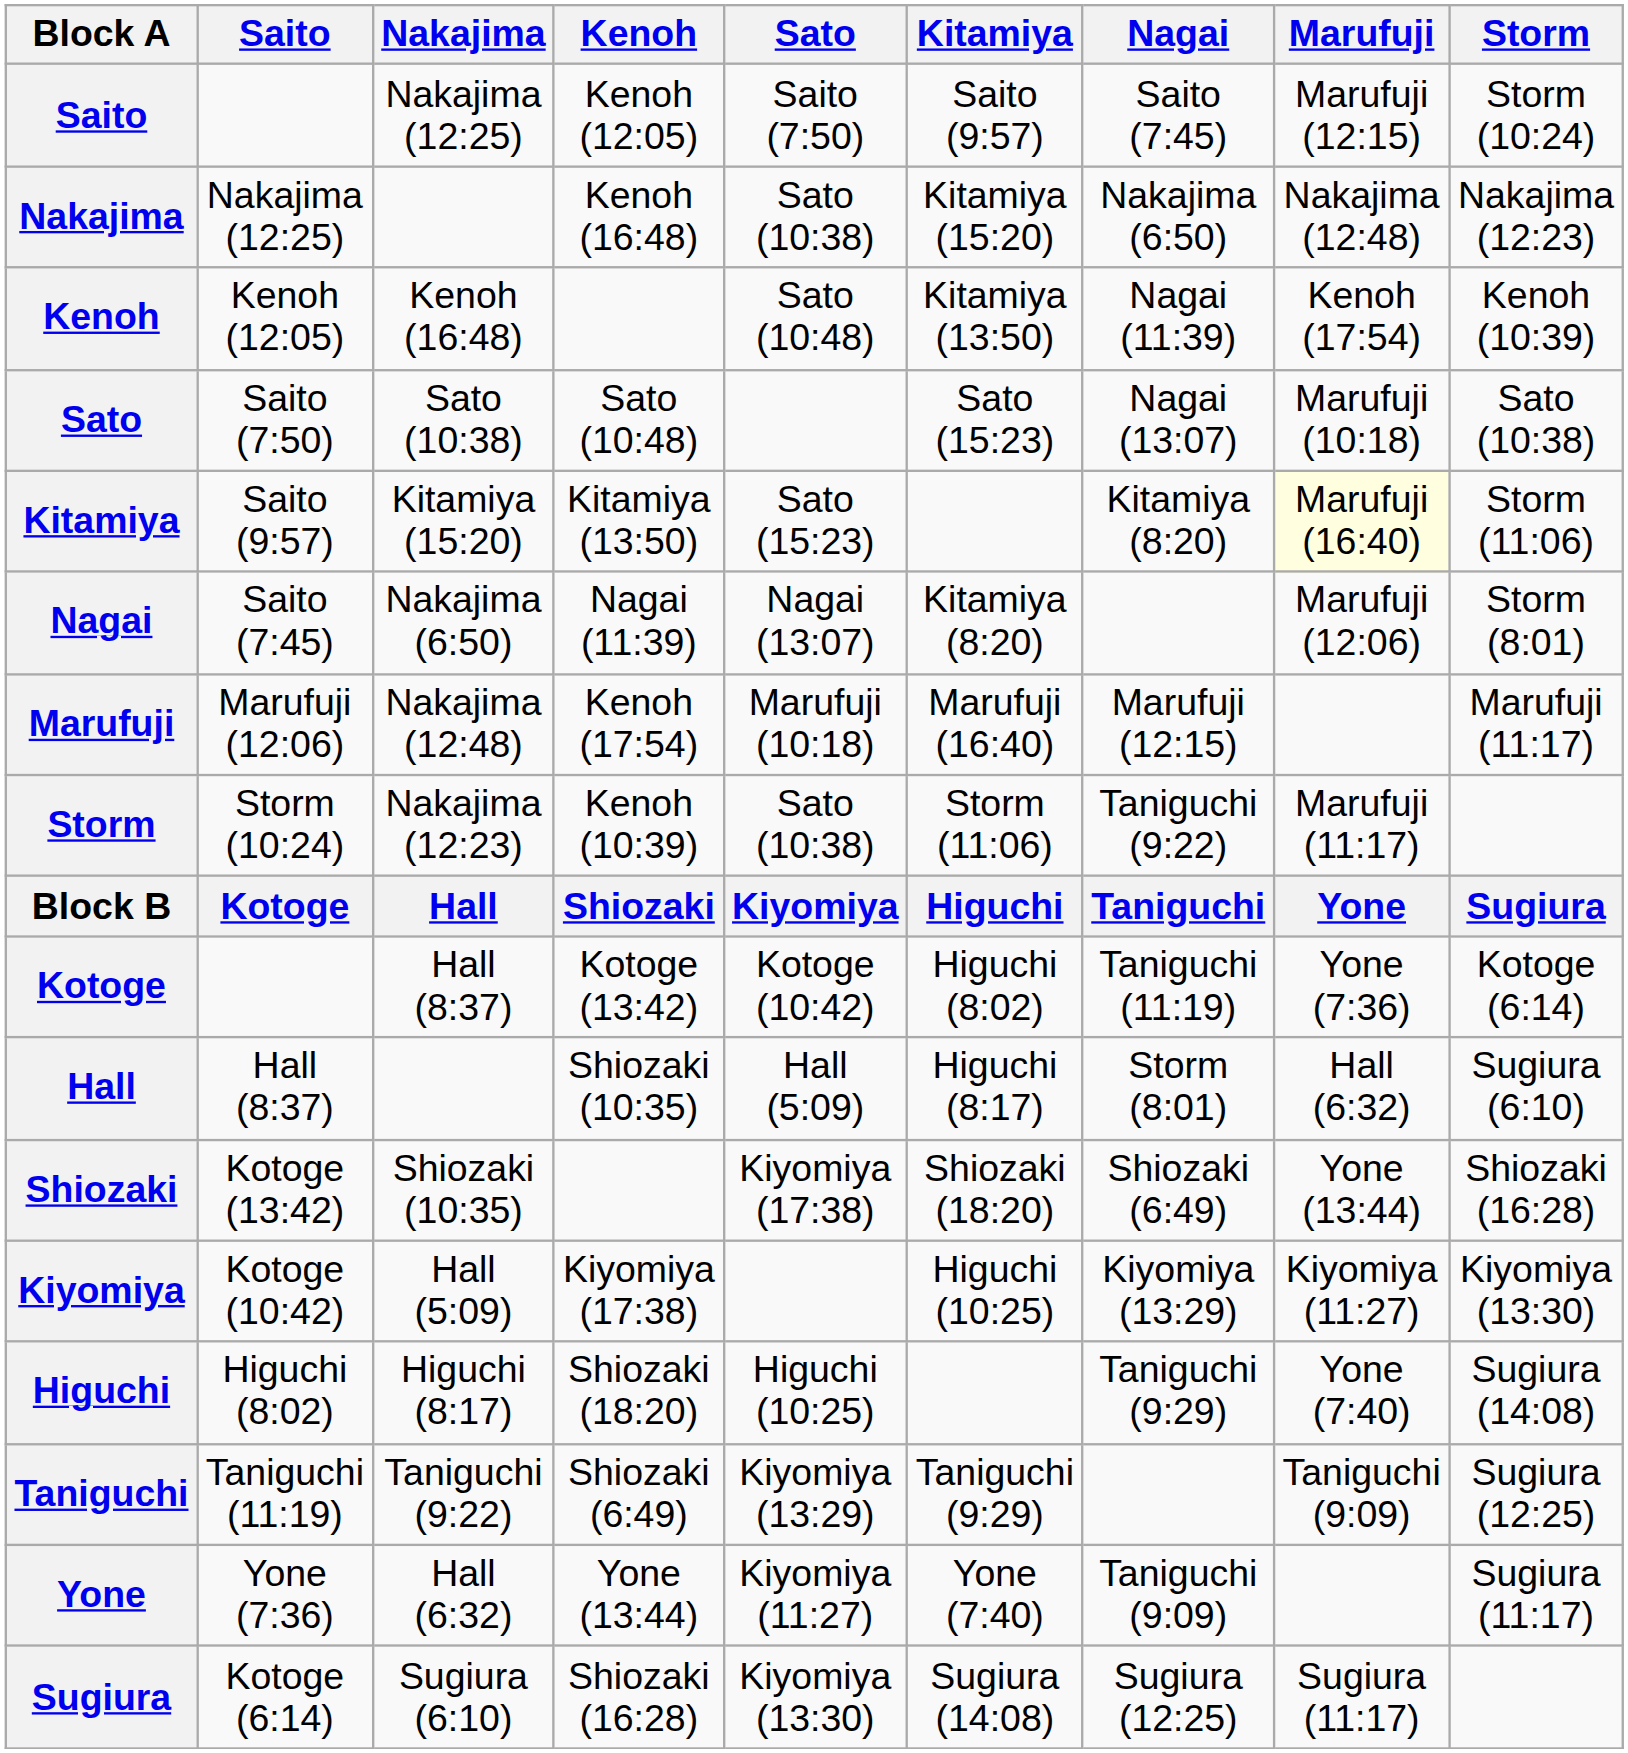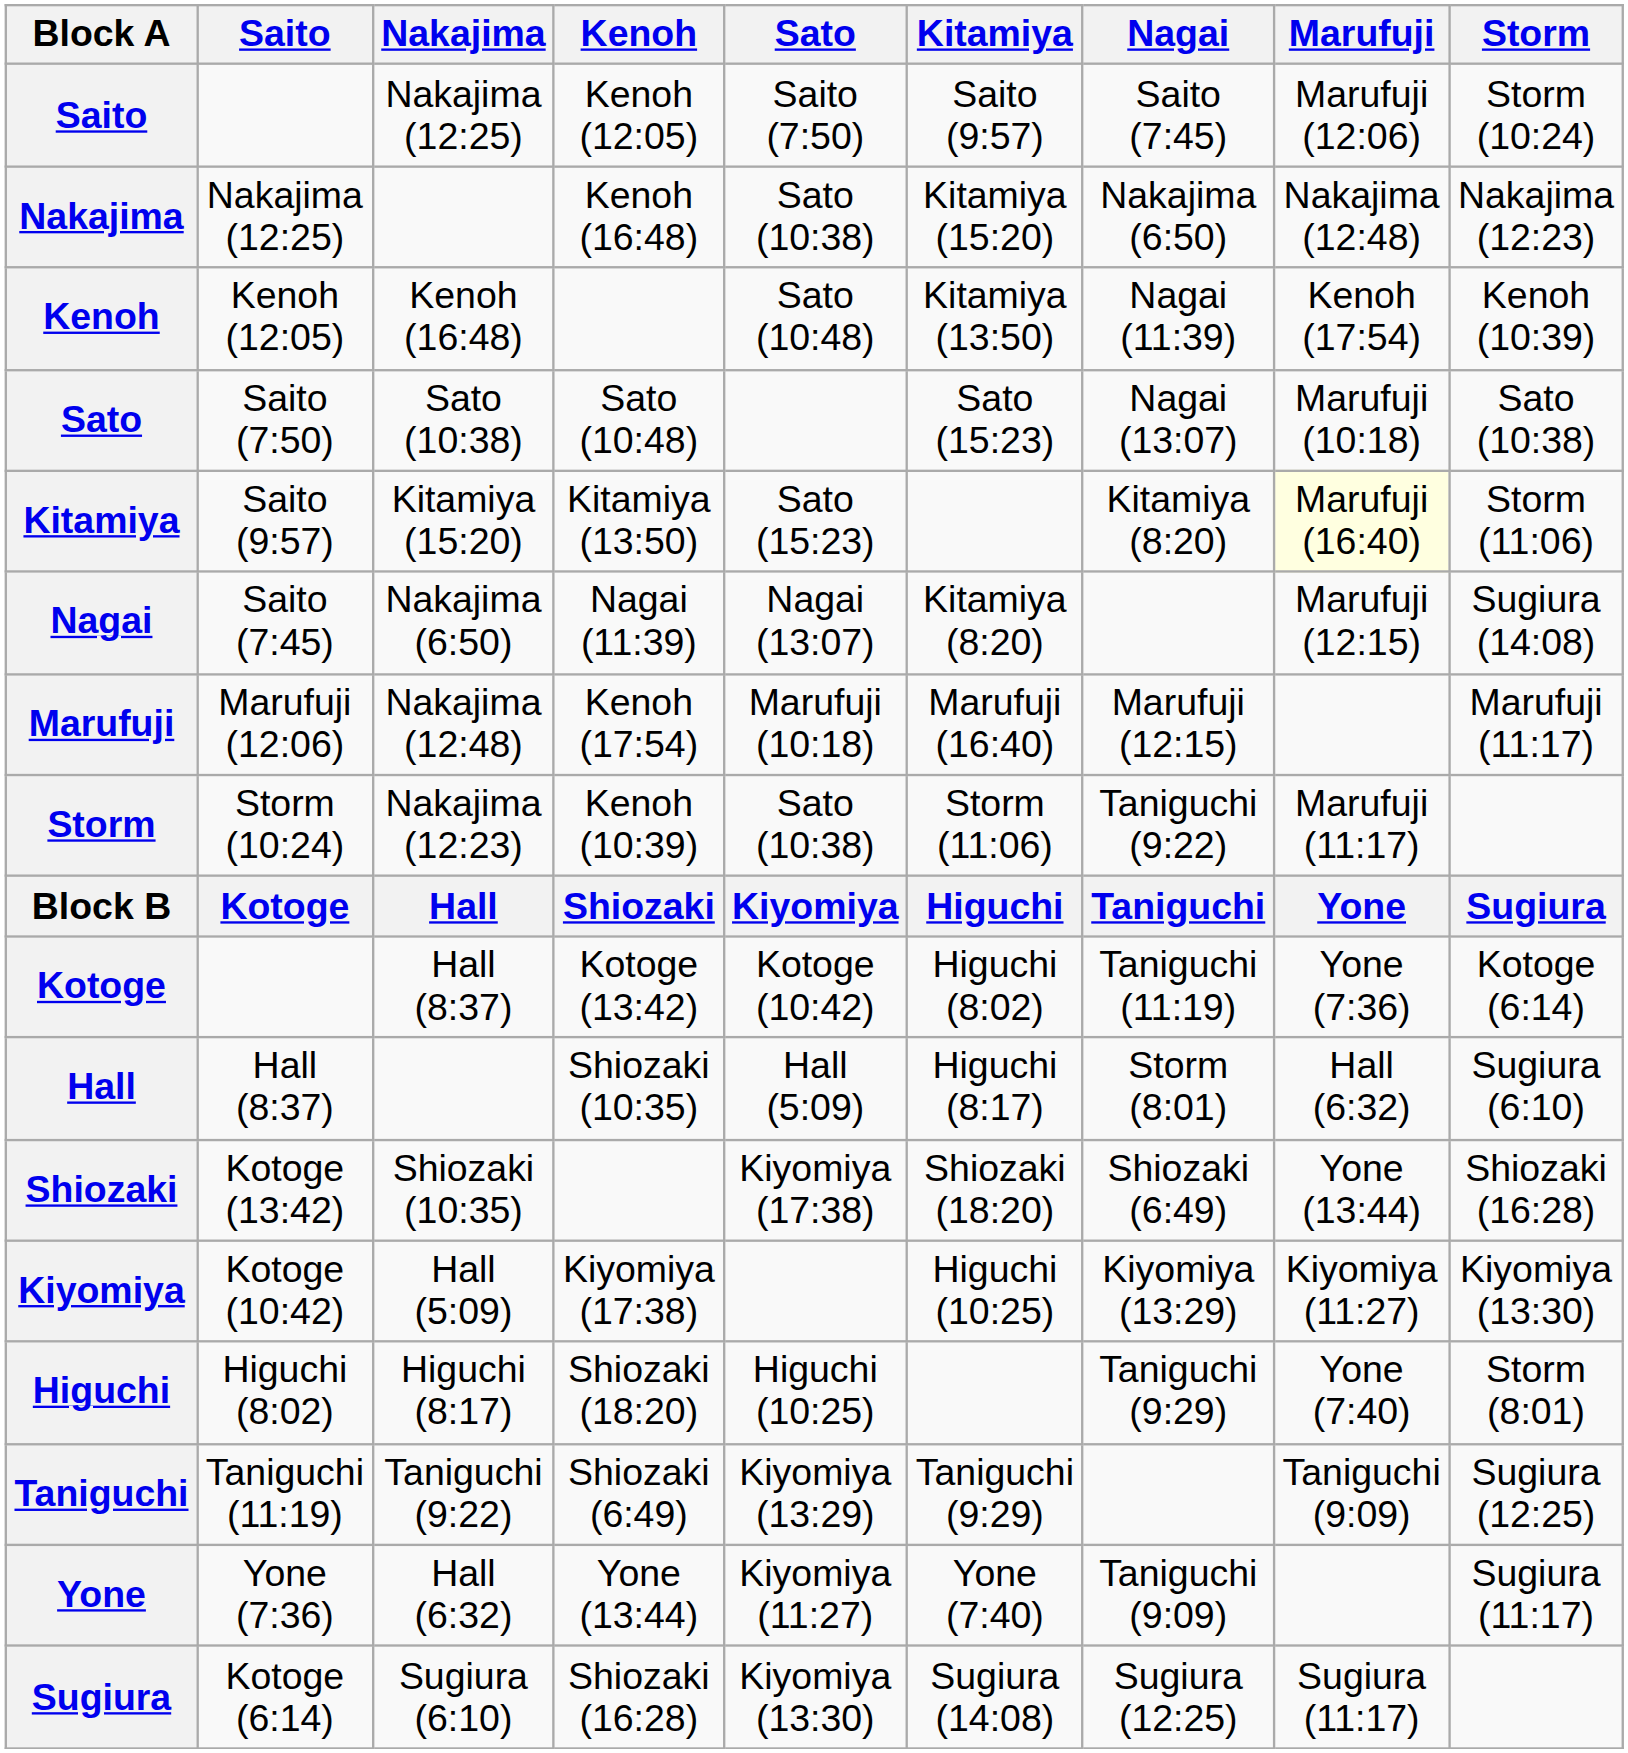 <table class="wikitable" style="margin: 1em auto 1em auto;text-align:center">
 <tr>
 <th>Block A</th>
 <th><a href='#'>Saito</a></th>
 <th><a href='#'>Nakajima</a></th>
 <th><a href='#'>Kenoh</a></th>
 <th><a href='#'>Sato</a></th>
 <th><a href='#'>Kitamiya</a></th>
 <th><a href='#'>Nagai</a></th>
 <th><a href='#'>Marufuji</a></th>
 <th><a href='#'>Storm</a></th>
 </tr>
 <tr>
 <th><a href='#'>Saito</a></th>
 <td></td>
 <td>Nakajima<br>(12:25)</td>
 <td>Kenoh<br>(12:05)</td>
 <td>Saito<br>(7:50)</td>
 <td>Saito<br>(9:57)</td>
 <td>Saito<br>(7:45)</td>
-<td>Marufuji<br>(12:15)</td>
+<td>Marufuji<br>(12:06)</td>
 <td>Storm <br>(10:24)</td>
 </tr>
 <tr>
 <th><a href='#'>Nakajima</a></th>
 <td>Nakajima<br>(12:25)</td>
 <td></td>
 <td>Kenoh<br>(16:48)</td>
 <td>Sato<br>(10:38)</td>
 <td>Kitamiya<br>(15:20)</td>
 <td>Nakajima<br>(6:50)</td>
 <td>Nakajima<br>(12:48)</td>
 <td>Nakajima<br>(12:23)</td>
 </tr>
 <tr>
 <th><a href='#'>Kenoh</a></th>
 <td>Kenoh<br>(12:05)</td>
 <td>Kenoh<br>(16:48)</td>
 <td></td>
 <td>Sato<br>(10:48)</td>
 <td>Kitamiya<br>(13:50)</td>
 <td>Nagai<br>(11:39)</td>
 <td>Kenoh<br>(17:54)</td>
 <td>Kenoh<br>(10:39)</td>
 </tr>
 <tr>
 <th><a href='#'>Sato</a></th>
 <td>Saito<br>(7:50)</td>
 <td>Sato<br>(10:38)</td>
 <td>Sato<br>(10:48)</td>
 <td></td>
 <td>Sato<br>(15:23)</td>
 <td>Nagai<br>(13:07)</td>
 <td>Marufuji<br>(10:18)</td>
 <td>Sato<br>(10:38)</td>
 </tr>
 <tr>
 <th><a href='#'>Kitamiya</a></th>
 <td>Saito<br>(9:57)</td>
 <td>Kitamiya<br>(15:20)</td>
 <td>Kitamiya<br>(13:50)</td>
 <td>Sato<br>(15:23)</td>
 <td></td>
 <td>Kitamiya<br>(8:20)</td>
 <td style="background: lightyellow;">Marufuji<br>(16:40)</td>
 <td>Storm<br>(11:06)</td>
 </tr>
 <tr>
 <th><a href='#'>Nagai</a></th>
 <td>Saito<br>(7:45)</td>
 <td>Nakajima<br>(6:50)</td>
 <td>Nagai<br>(11:39)</td>
 <td>Nagai<br>(13:07)</td>
 <td>Kitamiya<br>(8:20)</td>
 <td></td>
-<td>Marufuji<br>(12:06)</td>
-<td>Storm<br>(8:01)</td>
+<td>Marufuji<br>(12:15)</td>
+<td>Sugiura<br>(14:08)</td>
 </tr>
 <tr>
 <th><a href='#'>Marufuji</a></th>
 <td>Marufuji<br>(12:06)</td>
 <td>Nakajima<br>(12:48)</td>
 <td>Kenoh<br>(17:54)</td>
 <td>Marufuji<br>(10:18)</td>
 <td>Marufuji<br>(16:40)</td>
 <td>Marufuji<br>(12:15)</td>
 <td></td>
 <td>Marufuji<br>(11:17)</td>
 </tr>
 <tr>
 <th><a href='#'>Storm</a></th>
 <td>Storm <br>(10:24)</td>
 <td>Nakajima<br>(12:23)</td>
 <td>Kenoh<br>(10:39)</td>
 <td>Sato<br>(10:38)</td>
 <td>Storm<br>(11:06)</td>
 <td>Taniguchi<br>(9:22)</td>
 <td>Marufuji<br>(11:17)</td>
 <td></td>
 </tr>
 <tr>
 <th>Block B</th>
 <th><a href='#'>Kotoge</a></th>
 <th><a href='#'>Hall</a></th>
 <th><a href='#'>Shiozaki</a></th>
 <th><a href='#'>Kiyomiya</a></th>
 <th><a href='#'>Higuchi</a></th>
 <th><a href='#'>Taniguchi</a></th>
 <th><a href='#'>Yone</a></th>
 <th><a href='#'>Sugiura</a></th>
 </tr>
 <tr>
 <th><a href='#'>Kotoge</a></th>
 <td></td>
 <td>Hall<br>(8:37)</td>
 <td>Kotoge<br>(13:42)</td>
 <td>Kotoge<br>(10:42)</td>
 <td>Higuchi<br>(8:02)</td>
 <td>Taniguchi<br>(11:19)</td>
 <td>Yone<br>(7:36)</td>
 <td>Kotoge<br>(6:14)</td>
 </tr>
 <tr>
 <th><a href='#'>Hall</a></th>
 <td>Hall<br>(8:37)</td>
 <td></td>
 <td>Shiozaki<br>(10:35)</td>
 <td>Hall<br>(5:09)</td>
 <td>Higuchi<br>(8:17)</td>
 <td>Storm<br>(8:01)</td>
 <td>Hall<br>(6:32)</td>
 <td>Sugiura<br>(6:10)</td>
 </tr>
 <tr>
 <th><a href='#'>Shiozaki</a></th>
 <td>Kotoge<br>(13:42)</td>
 <td>Shiozaki<br>(10:35)</td>
 <td></td>
 <td>Kiyomiya<br>(17:38)</td>
 <td>Shiozaki<br>(18:20)</td>
 <td>Shiozaki<br>(6:49)</td>
 <td>Yone<br>(13:44)</td>
 <td>Shiozaki<br>(16:28)</td>
 </tr>
 <tr>
 <th><a href='#'>Kiyomiya</a></th>
 <td>Kotoge<br>(10:42)</td>
 <td>Hall<br>(5:09)</td>
 <td>Kiyomiya<br>(17:38)</td>
 <td></td>
 <td>Higuchi<br>(10:25)</td>
 <td>Kiyomiya<br>(13:29)</td>
 <td>Kiyomiya<br>(11:27)</td>
 <td>Kiyomiya<br>(13:30)</td>
 </tr>
 <tr>
 <th><a href='#'>Higuchi</a></th>
 <td>Higuchi<br>(8:02)</td>
 <td>Higuchi<br>(8:17)</td>
 <td>Shiozaki<br>(18:20)</td>
 <td>Higuchi<br>(10:25)</td>
 <td></td>
 <td>Taniguchi<br>(9:29)</td>
 <td>Yone<br>(7:40)</td>
-<td>Sugiura<br>(14:08)</td>
+<td>Storm<br>(8:01)</td>
 </tr>
 <tr>
 <th><a href='#'>Taniguchi</a></th>
 <td>Taniguchi<br>(11:19)</td>
 <td>Taniguchi<br>(9:22)</td>
 <td>Shiozaki<br>(6:49)</td>
 <td>Kiyomiya<br>(13:29)</td>
 <td>Taniguchi<br>(9:29)</td>
 <td></td>
 <td>Taniguchi<br>(9:09)</td>
 <td>Sugiura<br>(12:25)</td>
 </tr>
 <tr>
 <th><a href='#'>Yone</a></th>
 <td>Yone<br>(7:36)</td>
 <td>Hall<br>(6:32)</td>
 <td>Yone<br>(13:44)</td>
 <td>Kiyomiya<br>(11:27)</td>
 <td>Yone<br>(7:40)</td>
 <td>Taniguchi<br>(9:09)</td>
 <td></td>
 <td>Sugiura<br>(11:17)</td>
 </tr>
 <tr>
 <th><a href='#'>Sugiura</a></th>
 <td>Kotoge<br>(6:14)</td>
 <td>Sugiura<br>(6:10)</td>
 <td>Shiozaki<br>(16:28)</td>
 <td>Kiyomiya<br>(13:30)</td>
 <td>Sugiura<br>(14:08)</td>
 <td>Sugiura<br>(12:25)</td>
 <td>Sugiura<br>(11:17)</td>
 <td></td>
 </tr>
 </table>
